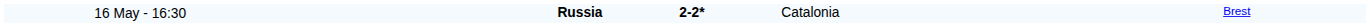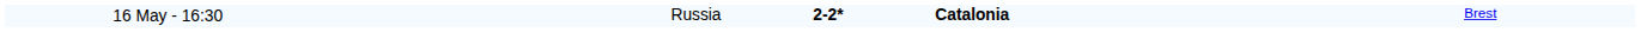 <table style="width: 100%; background:#F5FAFF;" cellspacing="0">
 <tr>
 <td align=center rowspan=3 width=20%>16 May - 16:30</td>
 </tr>
 <tr>
-<td width=24% align=right><strong>Russia</strong></td>
+<td width=24% align=right>Russia</td>
 <td align=center width=13%><strong>2-2*</strong></td>
-<td width=24%>Catalonia</td>
+<td width=24%><strong>Catalonia</strong></td>
 <td style=font-size:85% rowspan=3 valign=top align=center><a href='#'>Brest</a></td>
 </tr>
 <tr style=font-size:85%>
 <td align=right valign=top></td>
 <td align=center></td>
 <td></td>
 </tr>
 </table>
